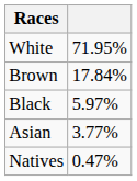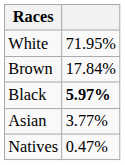 <table class="wikitable">
 <tr>
 <th>Races</th>
 <th></th>
 </tr>
 <tr>
 <td>White</td>
 <td>71.95%</td>
 </tr>
 <tr>
 <td>Brown</td>
 <td>17.84%</td>
 </tr>
 <tr>
 <td>Black</td>
-<td>5.97%</td>
+<td><strong>5.97%</strong></td>
 </tr>
 <tr>
 <td>Asian</td>
 <td>3.77%</td>
 </tr>
 <tr>
 <td>Natives</td>
 <td>0.47%</td>
 </tr>
 </table>
